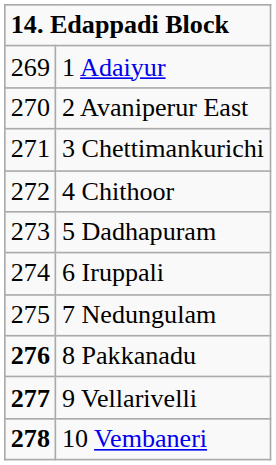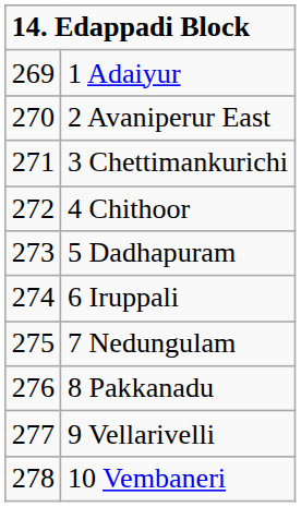 <table class="wikitable">
 <tr>
 <td colspan="2"><strong>14. Edappadi Block</strong></td>
 </tr>
 <tr>
 <td>269</td>
 <td>1 <a href='#'>Adaiyur</a></td>
 </tr>
 <tr>
 <td>270</td>
 <td>2 Avaniperur East</td>
 </tr>
 <tr>
 <td>271</td>
 <td>3 Chettimankurichi</td>
 </tr>
 <tr>
 <td>272</td>
 <td>4 Chithoor</td>
 </tr>
 <tr>
 <td>273</td>
 <td>5 Dadhapuram</td>
 </tr>
 <tr>
 <td>274</td>
 <td>6 Iruppali</td>
 </tr>
 <tr>
 <td>275</td>
 <td>7 Nedungulam</td>
 </tr>
 <tr>
-<td><strong>276</strong></td>
+<td>276</td>
 <td>8 Pakkanadu</td>
 </tr>
 <tr>
-<td><strong>277</strong></td>
+<td>277</td>
 <td>9 Vellarivelli</td>
 </tr>
 <tr>
-<td><strong>278</strong></td>
+<td>278</td>
 <td>10 <a href='#'>Vembaneri</a></td>
 </tr>
 </table>
